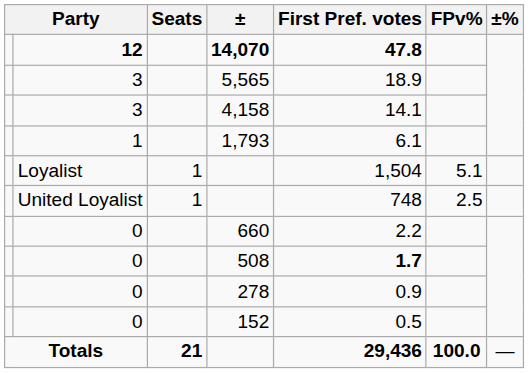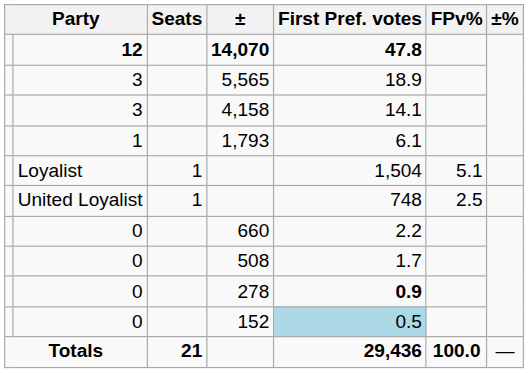 <table class=wikitable>
 <tr>
 <th colspan=2 align=center>Party</th>
 <th valign=top>Seats</th>
 <th valign=top>±</th>
 <th valign=top>First Pref. votes</th>
 <th valign=top>FPv%</th>
 <th valign=top>±%</th>
 </tr>
 <tr>
 <td></td>
 <td align=right><strong>12</strong></td>
 <td align=right></td>
 <td align=right><strong>14,070</strong></td>
 <td align=right><strong>47.8</strong></td>
 <td align=right></td>
 </tr>
 <tr>
 <td></td>
 <td align=right>3</td>
 <td align=right></td>
 <td align=right>5,565</td>
 <td align=right>18.9</td>
 <td align=right></td>
 </tr>
 <tr>
 <td></td>
 <td align=right>3</td>
 <td align=right></td>
 <td align=right>4,158</td>
 <td align=right>14.1</td>
 <td align=right></td>
 </tr>
 <tr>
 <td></td>
 <td align=right>1</td>
 <td align=right></td>
 <td align=right>1,793</td>
 <td align=right>6.1</td>
 <td align=right></td>
 </tr>
 <tr>
 <td></td>
 <td>Loyalist</td>
 <td align=right>1</td>
 <td align=right></td>
 <td align=right>1,504</td>
 <td align=right>5.1</td>
 <td align=right></td>
 </tr>
 <tr>
 <td></td>
 <td>United Loyalist</td>
 <td align=right>1</td>
 <td align=right></td>
 <td align=right>748</td>
 <td align=right>2.5</td>
 <td align=right></td>
 </tr>
 <tr>
 <td></td>
 <td align=right>0</td>
 <td align=right></td>
 <td align=right>660</td>
 <td align=right>2.2</td>
 <td align=right></td>
 </tr>
 <tr>
 <td></td>
 <td align=right>0</td>
 <td align=right></td>
 <td align=right>508</td>
-<td align=right><strong>1.7</strong></td>
+<td align=right>1.7</td>
 <td align=right></td>
 </tr>
 <tr>
 <td></td>
 <td align=right>0</td>
 <td align=right></td>
 <td align=right>278</td>
-<td align=right>0.9</td>
+<td align=right><strong>0.9</strong></td>
 <td align=right></td>
 </tr>
 <tr>
 <td></td>
 <td align=right>0</td>
 <td align=right></td>
 <td align=right>152</td>
-<td align=right>0.5</td>
+<td align=right style="background: lightblue;">0.5</td>
 <td align=right></td>
 </tr>
 <tr>
 <td colspan=2 align=center><strong>Totals</strong></td>
 <td align=right><strong>21</strong></td>
 <td align=center></td>
 <td align=right><strong>29,436</strong></td>
 <td align=center><strong>100.0</strong></td>
 <td align=center>—</td>
 </tr>
 </table>
